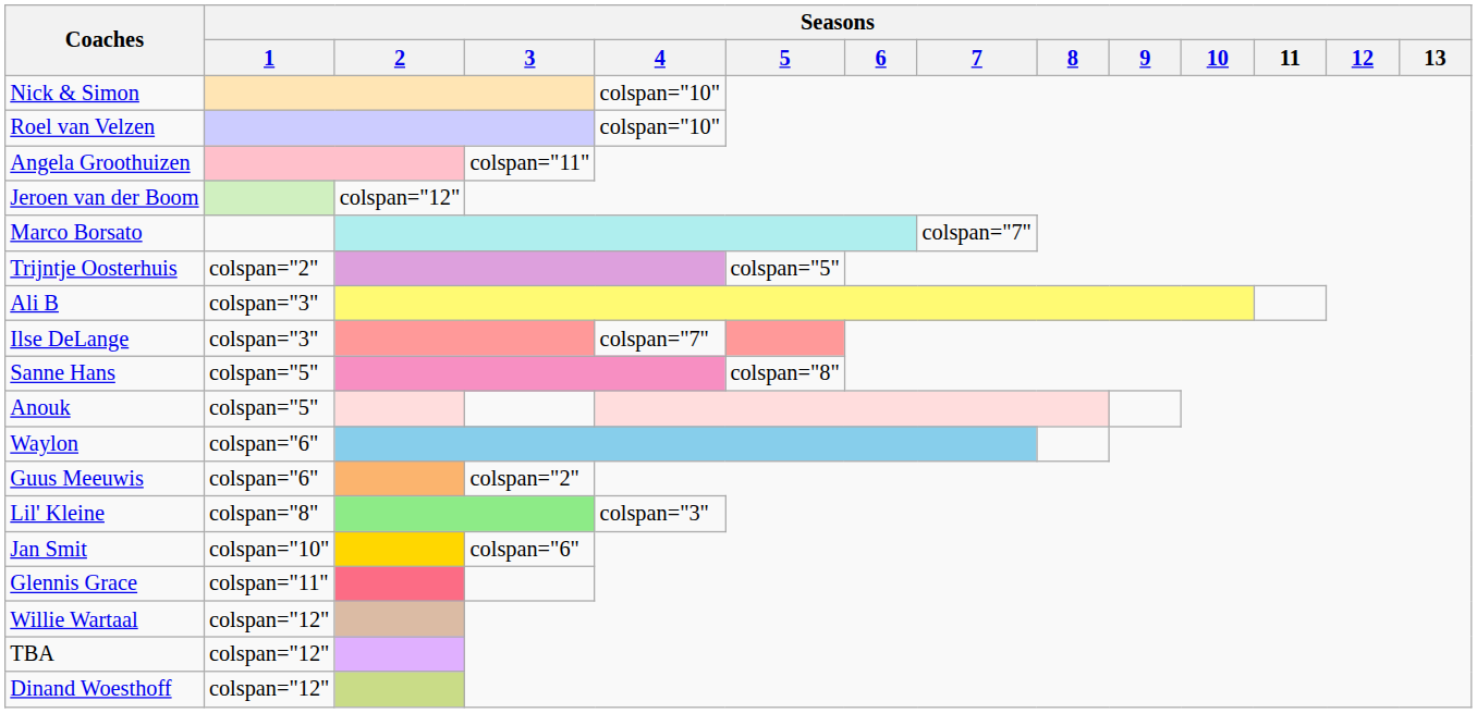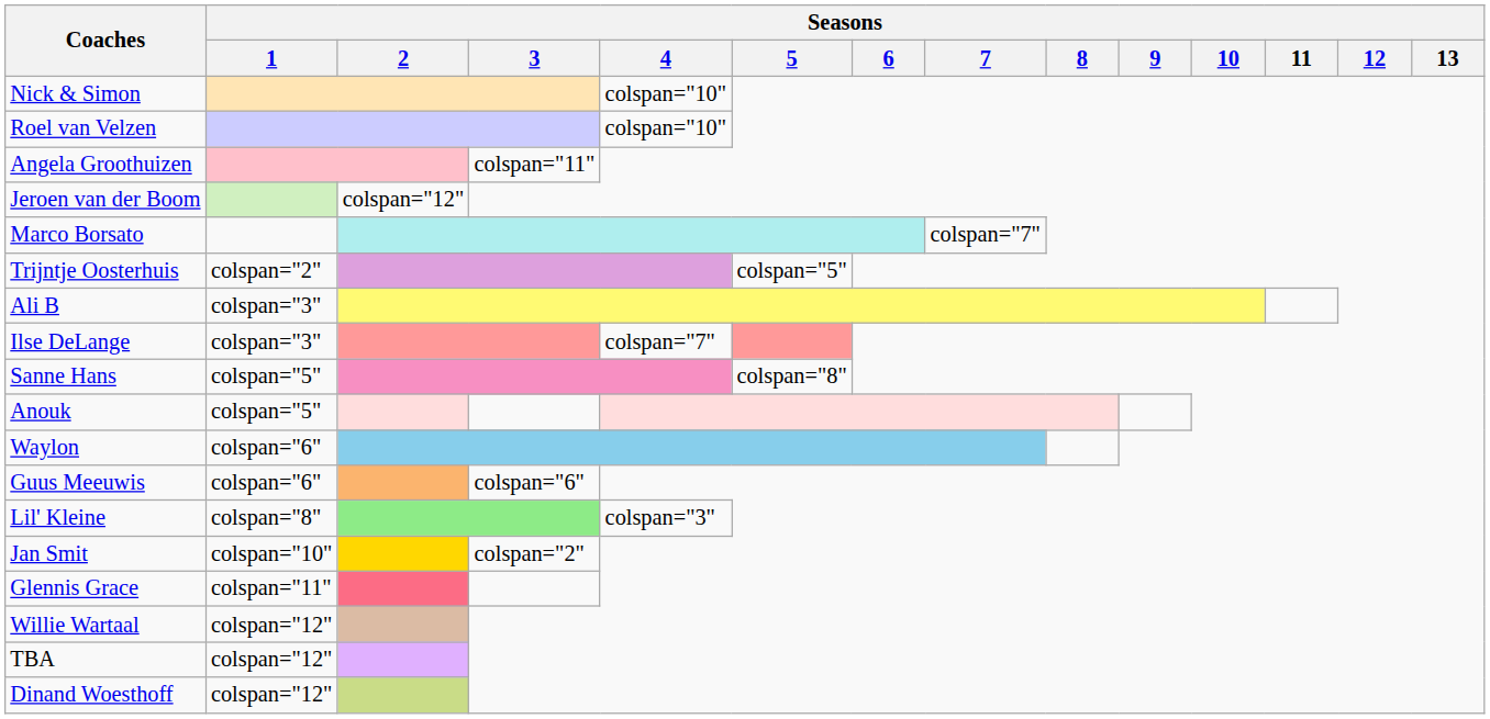 <table class="wikitable nowrap">
 <tr>
 <th rowspan="2">Coaches</th>
 <th colspan="13">Seasons</th>
 </tr>
 <tr>
 <th width="45"><a href='#'>1</a></th>
 <th width="45"><a href='#'>2</a></th>
 <th width="45"><a href='#'>3</a></th>
 <th width="45"><a href='#'>4</a></th>
 <th width="45"><a href='#'>5</a></th>
 <th width="45"><a href='#'>6</a></th>
 <th width="45"><a href='#'>7</a></th>
 <th width="45"><a href='#'>8</a></th>
 <th width="45"><a href='#'>9</a></th>
 <th width="45"><a href='#'>10</a></th>
 <th width="45">11</th>
 <th width="45"><a href='#'>12</a></th>
 <th width="45">13</th>
 </tr>
 <tr>
 <td><a href='#'>Nick & Simon</a></td>
 <td colspan="3" style="background:#ffe5b4"></td>
 <td>colspan="10" </td>
 </tr>
 <tr>
 <td><a href='#'>Roel van Velzen</a></td>
 <td colspan="3" style="background:#ccf"></td>
 <td>colspan="10" </td>
 </tr>
 <tr>
 <td><a href='#'>Angela Groothuizen</a></td>
 <td colspan="2" style="background:pink"></td>
 <td>colspan="11" </td>
 </tr>
 <tr>
 <td><a href='#'>Jeroen van der Boom</a></td>
 <td style="background:#d0f0c0"></td>
 <td>colspan="12" </td>
 </tr>
 <tr>
 <td><a href='#'>Marco Borsato</a></td>
 <td></td>
 <td colspan="5" style="background:#afeeee"></td>
 <td>colspan="7" </td>
 </tr>
 <tr>
 <td><a href='#'>Trijntje Oosterhuis</a></td>
 <td>colspan="2" </td>
 <td colspan="3" style="background:#dda0dd"></td>
 <td>colspan="5" </td>
 </tr>
 <tr>
 <td><a href='#'>Ali B</a></td>
 <td>colspan="3" </td>
 <td colspan="9" style="background:#fffa73"></td>
 <td></td>
 </tr>
 <tr>
 <td><a href='#'>Ilse DeLange</a></td>
 <td>colspan="3" </td>
 <td colspan="2" style="background:#ff9999"></td>
 <td>colspan="7" </td>
 <td style="background:#ff9999"></td>
 </tr>
 <tr>
 <td><a href='#'>Sanne Hans</a></td>
 <td>colspan="5" </td>
 <td colspan="3" style="background:#F78FC2"></td>
 <td>colspan="8" </td>
 </tr>
 <tr>
 <td><a href='#'>Anouk</a></td>
 <td>colspan="5" </td>
 <td style="background:#ffdddd"></td>
 <td></td>
 <td colspan="5" style="background:#ffdddd"></td>
 <td></td>
 </tr>
 <tr>
 <td><a href='#'>Waylon</a></td>
 <td>colspan="6" </td>
 <td colspan="6" style="background:#87ceeb"></td>
 <td></td>
 </tr>
 <tr>
 <td><a href='#'>Guus Meeuwis</a></td>
 <td>colspan="6" </td>
 <td style="background:#fbb46e"></td>
-<td>colspan="2" </td>
+<td>colspan="6" </td>
 </tr>
 <tr>
 <td><a href='#'>Lil' Kleine</a></td>
 <td>colspan="8" </td>
 <td colspan="2" style="background:#8deb87"></td>
 <td>colspan="3" </td>
 </tr>
 <tr>
 <td><a href='#'>Jan Smit</a></td>
 <td>colspan="10" </td>
 <td style="background:gold"></td>
-<td>colspan="6" </td>
+<td>colspan="2" </td>
 </tr>
 <tr>
 <td><a href='#'>Glennis Grace</a></td>
 <td>colspan="11" </td>
 <td style="background:#FC6C85"></td>
 <td></td>
 </tr>
 <tr>
 <td><a href='#'>Willie Wartaal</a></td>
 <td>colspan="12" </td>
 <td style="background:#dbbba4"></td>
 </tr>
 <tr>
 <td>TBA</td>
 <td>colspan="12" </td>
 <td style="background:#E0B0FF"></td>
 </tr>
 <tr>
 <td><a href='#'>Dinand Woesthoff</a></td>
 <td>colspan="12" </td>
 <td style="background:#C9DC87"></td>
 </tr>
 </table>
